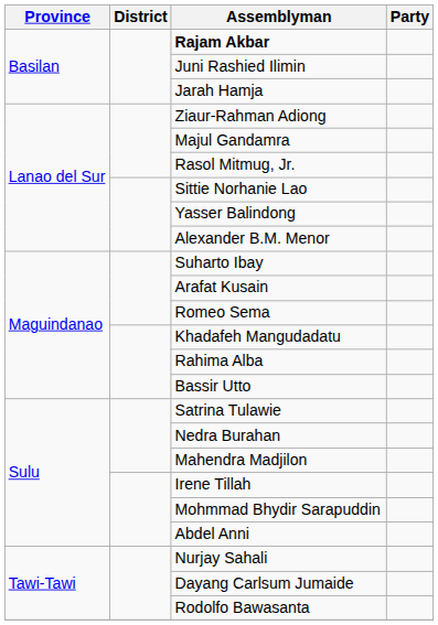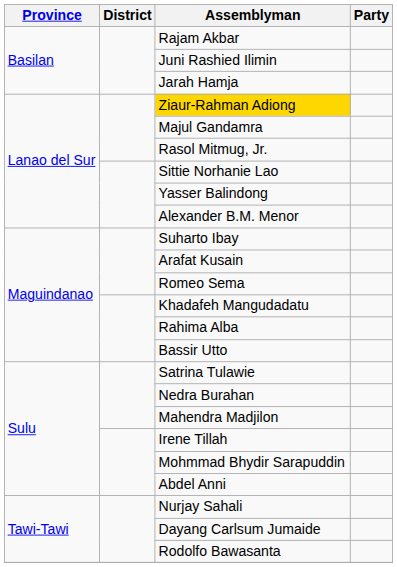 <table class="wikitable" width=50%; colspan= 4>
 <tr>
 <th><a href='#'>Province</a></th>
 <th>District</th>
 <th>Assemblyman</th>
 <th>Party</th>
 </tr>
 <tr>
 <td rowspan=3><a href='#'>Basilan</a></td>
 <td rowspan=3></td>
-<td><strong>Rajam Akbar</strong></td>
+<td>Rajam Akbar</td>
 <td></td>
 </tr>
 <tr>
 <td>Juni Rashied Ilimin</td>
 <td></td>
 </tr>
 <tr>
 <td>Jarah  Hamja</td>
 <td></td>
 </tr>
 <tr>
 <td rowspan=6><a href='#'>Lanao del Sur</a></td>
 <td rowspan=3></td>
-<td>Ziaur-Rahman Adiong</td>
+<td style="background: gold;">Ziaur-Rahman Adiong</td>
 <td></td>
 </tr>
 <tr>
 <td>Majul Gandamra</td>
 <td></td>
 </tr>
 <tr>
 <td>Rasol Mitmug, Jr.</td>
 <td></td>
 </tr>
 <tr>
 <td rowspan=3></td>
 <td>Sittie Norhanie Lao</td>
 <td></td>
 </tr>
 <tr>
 <td>Yasser Balindong</td>
 <td></td>
 </tr>
 <tr>
 <td>Alexander B.M. Menor</td>
 <td></td>
 </tr>
 <tr>
 <td rowspan=6><a href='#'>Maguindanao</a></td>
 <td rowspan=3></td>
 <td>Suharto Ibay</td>
 <td></td>
 </tr>
 <tr>
 <td>Arafat Kusain</td>
 <td></td>
 </tr>
 <tr>
 <td>Romeo Sema</td>
 <td></td>
 </tr>
 <tr>
 <td rowspan=3></td>
 <td>Khadafeh Mangudadatu</td>
 <td></td>
 </tr>
 <tr>
 <td>Rahima Alba</td>
 <td></td>
 </tr>
 <tr>
 <td>Bassir Utto</td>
 <td></td>
 </tr>
 <tr>
 <td rowspan=6><a href='#'>Sulu</a></td>
 <td rowspan=3></td>
 <td>Satrina Tulawie</td>
 <td></td>
 </tr>
 <tr>
 <td>Nedra Burahan</td>
 <td></td>
 </tr>
 <tr>
 <td>Mahendra Madjilon</td>
 <td></td>
 </tr>
 <tr>
 <td rowspan=3></td>
 <td>Irene Tillah</td>
 <td></td>
 </tr>
 <tr>
 <td>Mohmmad Bhydir Sarapuddin</td>
 <td></td>
 </tr>
 <tr>
 <td>Abdel Anni</td>
 <td></td>
 </tr>
 <tr>
 <td rowspan=3><a href='#'>Tawi-Tawi</a></td>
 <td rowspan=3></td>
 <td>Nurjay Sahali</td>
 <td></td>
 </tr>
 <tr>
 <td>Dayang Carlsum Jumaide</td>
 <td></td>
 </tr>
 <tr>
 <td>Rodolfo Bawasanta</td>
 <td></td>
 </tr>
 <tr>
 </tr>
 </table>
